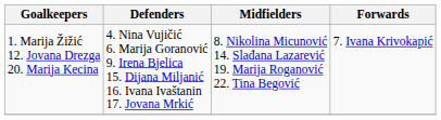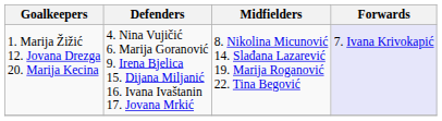 <table class="wikitable sortable">
 <tr>
 <th>Goalkeepers</th>
 <th>Defenders</th>
 <th>Midfielders</th>
 <th>Forwards</th>
 </tr>
 <tr>
 <td>1.  Marija Žižić <br> 12.  <a href='#'>Jovana Drezga</a> <br> 20.  <a href='#'>Marija Kecina</a> <br>  <br>  <br> </td>
 <td>4.  Nina Vujičić <br> 6.  Marija Goranović <br> 9.  <a href='#'>Irena Bjelica</a> <br> 15.  <a href='#'>Dijana Miljanić</a> <br> 16.  Ivana Ivaštanin <br> 17.  <a href='#'>Jovana Mrkić</a></td>
 <td>8.  <a href='#'>Nikolina Micunović</a> <br> 14.  <a href='#'>Slađana Lazarević</a> <br> 19.  <a href='#'>Marija Roganović</a> <br> 22.  <a href='#'>Tina Begović</a> <br>  <br> </td>
-<td>7.  <a href='#'>Ivana Krivokapić</a> <br>  <br>  <br>  <br>  <br> </td>
+<td style="background: lavender;">7.  <a href='#'>Ivana Krivokapić</a> <br>  <br>  <br>  <br>  <br> </td>
 </tr>
 <tr>
 </tr>
 </table>
